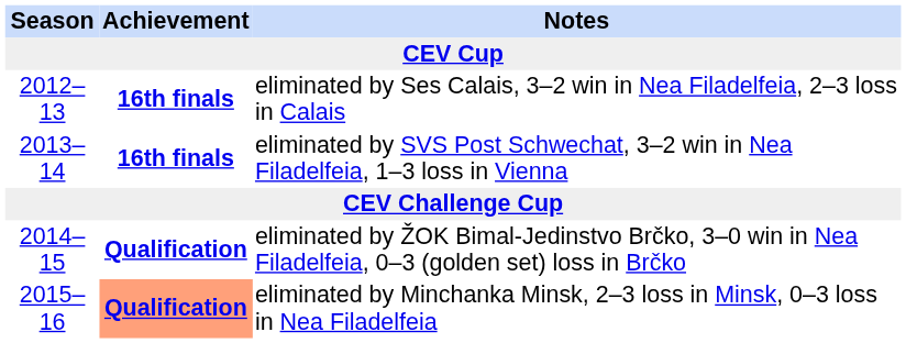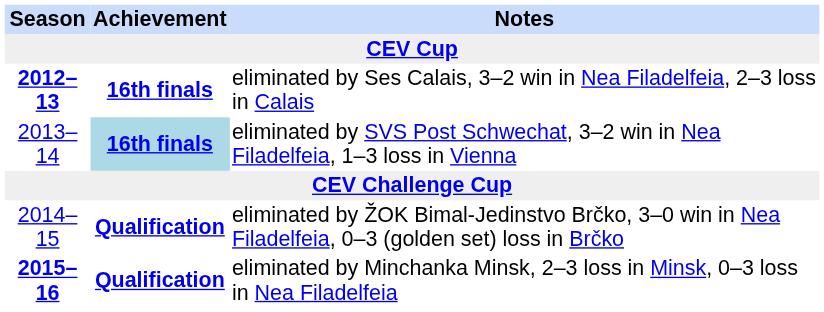 <table class="toccolours" border="0" cellpadding="2" cellspacing="0" align="left" style="margin:0.5em;">
 <tr bgcolor=#CADCFB>
 <th>Season</th>
 <th>Achievement</th>
 <th>Notes</th>
 </tr>
 <tr>
 <th colspan="4" bgcolor=#EFEFEF><strong><a href='#'>CEV Cup</a></strong></th>
 </tr>
 <tr>
-<td align="center"><a href='#'>2012–13</a></td>
+<td align="center"><strong><a href='#'>2012–13</a></strong></td>
 <td align="center"><strong><a href='#'>16th finals</a></strong></td>
 <td align="left">eliminated by Ses Calais, 3–2 win in <a href='#'>Nea Filadelfeia</a>, 2–3 loss in <a href='#'>Calais</a></td>
 </tr>
 <tr>
 <td align="center"><a href='#'>2013–14</a></td>
-<td align="center"><strong><a href='#'>16th finals</a></strong></td>
+<td align="center" style="background: lightblue;"><strong><a href='#'>16th finals</a></strong></td>
 <td align="left">eliminated by <a href='#'>SVS Post Schwechat</a>, 3–2 win in <a href='#'>Nea Filadelfeia</a>, 1–3 loss in <a href='#'>Vienna</a></td>
 </tr>
 <tr>
 <th colspan="4" bgcolor=#EFEFEF><strong><a href='#'>CEV Challenge Cup</a></strong></th>
 </tr>
 <tr>
 <td align="center"><a href='#'>2014–15</a></td>
 <td align="center"><strong><a href='#'>Qualification</a></strong></td>
 <td align="left">eliminated by ŽOK Bimal-Jedinstvo Brčko, 3–0 win in <a href='#'>Nea Filadelfeia</a>, 0–3 (golden set) loss in <a href='#'>Brčko</a></td>
 </tr>
 <tr>
-<td align="center"><a href='#'>2015–16</a></td>
-<td align="center" style="background: lightsalmon;"><strong><a href='#'>Qualification</a></strong></td>
+<td align="center"><strong><a href='#'>2015–16</a></strong></td>
+<td align="center"><strong><a href='#'>Qualification</a></strong></td>
 <td align="left">eliminated by Minchanka Minsk, 2–3 loss in <a href='#'>Minsk</a>, 0–3 loss in <a href='#'>Nea Filadelfeia</a></td>
 </tr>
 <tr>
 </tr>
 </table>
